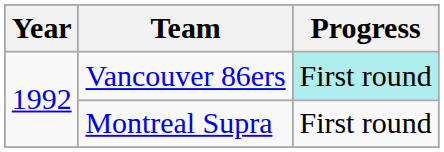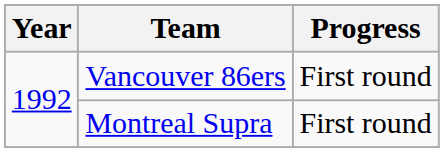 <table class="wikitable">
 <tr>
 <th>Year</th>
 <th>Team</th>
 <th>Progress</th>
 </tr>
 <tr>
 <td rowspan="2"><a href='#'>1992</a></td>
 <td><a href='#'>Vancouver 86ers</a></td>
-<td style="background: paleturquoise;">First round</td>
+<td>First round</td>
 </tr>
 <tr>
 <td><a href='#'>Montreal Supra</a></td>
 <td>First round</td>
 </tr>
 </table>
